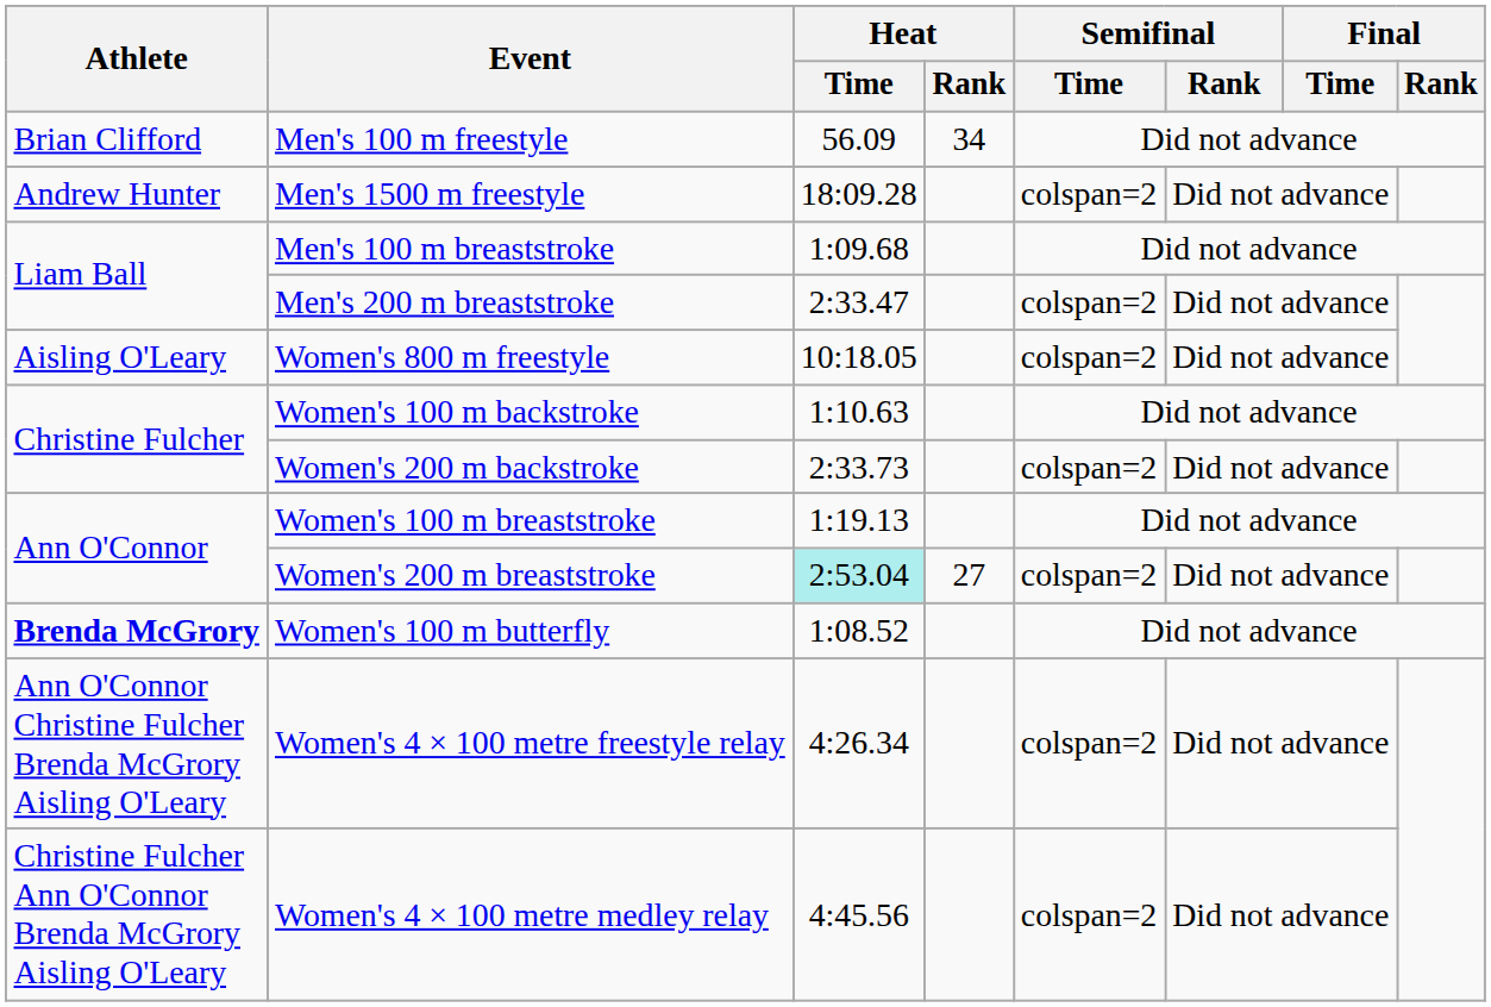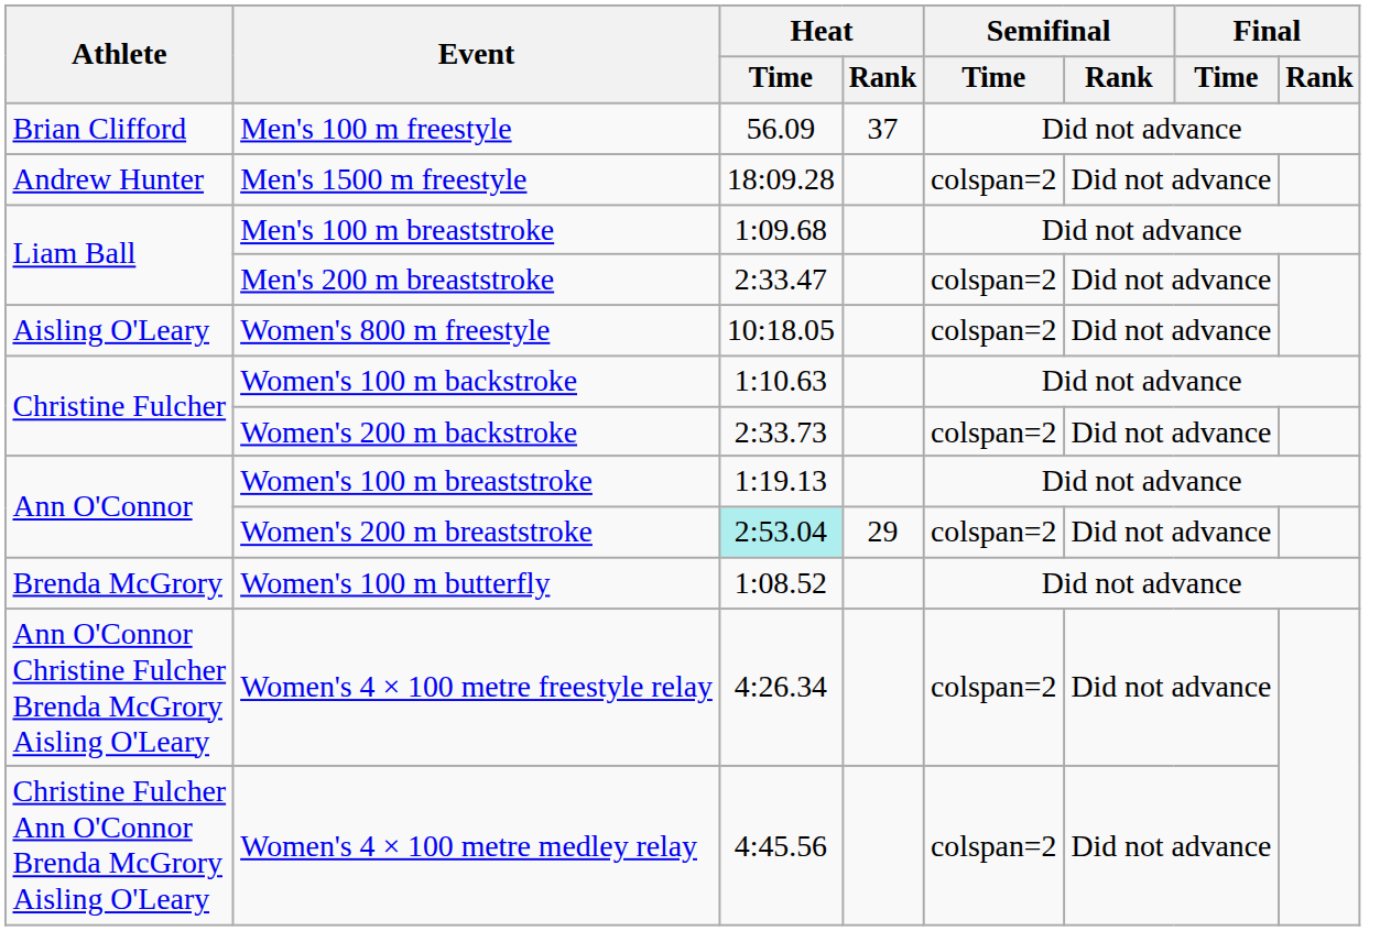 <table class=wikitable style="font-size:90%;">
 <tr>
 <th rowspan=2>Athlete</th>
 <th rowspan=2>Event</th>
 <th colspan=2>Heat</th>
 <th colspan=2>Semifinal</th>
 <th colspan=2>Final</th>
 </tr>
 <tr style="font-size:95%">
 <th>Time</th>
 <th>Rank</th>
 <th>Time</th>
 <th>Rank</th>
 <th>Time</th>
 <th>Rank</th>
 </tr>
 <tr align=center>
 <td align=left><a href='#'>Brian Clifford</a></td>
 <td align=left><a href='#'>Men's 100 m freestyle</a></td>
 <td>56.09</td>
-<td>34</td>
+<td>37</td>
 <td colspan=4>Did not advance</td>
 </tr>
 <tr align=center>
 <td align=left><a href='#'>Andrew Hunter</a></td>
 <td align=left><a href='#'>Men's 1500 m freestyle</a></td>
 <td>18:09.28</td>
 <td></td>
 <td>colspan=2 </td>
 <td colspan=2>Did not advance</td>
 </tr>
 <tr align=center>
 <td rowspan=2 align=left><a href='#'>Liam Ball</a></td>
 <td align=left><a href='#'>Men's 100 m breaststroke</a></td>
 <td>1:09.68</td>
 <td></td>
 <td colspan=4>Did not advance</td>
 </tr>
 <tr align=center>
 <td align=left><a href='#'>Men's 200 m breaststroke</a></td>
 <td>2:33.47</td>
 <td></td>
 <td>colspan=2 </td>
 <td colspan=2>Did not advance</td>
 </tr>
 <tr align=center>
 <td align=left><a href='#'>Aisling O'Leary</a></td>
 <td align=left><a href='#'>Women's 800 m freestyle</a></td>
 <td>10:18.05</td>
 <td></td>
 <td>colspan=2 </td>
 <td colspan=2>Did not advance</td>
 </tr>
 <tr align=center>
 <td rowspan=2 align=left><a href='#'>Christine Fulcher</a></td>
 <td align=left><a href='#'>Women's 100 m backstroke</a></td>
 <td>1:10.63</td>
 <td></td>
 <td colspan=4>Did not advance</td>
 </tr>
 <tr align=center>
 <td align=left><a href='#'>Women's 200 m backstroke</a></td>
 <td>2:33.73</td>
 <td></td>
 <td>colspan=2 </td>
 <td colspan=2>Did not advance</td>
 </tr>
 <tr align=center>
 <td rowspan=2 align=left><a href='#'>Ann O'Connor</a></td>
 <td align=left><a href='#'>Women's 100 m breaststroke</a></td>
 <td>1:19.13</td>
 <td></td>
 <td colspan=4>Did not advance</td>
 </tr>
 <tr align=center>
 <td align=left><a href='#'>Women's 200 m breaststroke</a></td>
 <td style="background: paleturquoise;">2:53.04</td>
-<td>27</td>
+<td>29</td>
 <td>colspan=2 </td>
 <td colspan=2>Did not advance</td>
 </tr>
 <tr align=center>
-<td align=left><strong><a href='#'>Brenda McGrory</a></strong></td>
+<td align=left><a href='#'>Brenda McGrory</a></td>
 <td align=left><a href='#'>Women's 100 m butterfly</a></td>
 <td>1:08.52</td>
 <td></td>
 <td colspan=4>Did not advance</td>
 </tr>
 <tr align=center>
 <td align=left><a href='#'>Ann O'Connor</a><br><a href='#'>Christine Fulcher</a><br><a href='#'>Brenda McGrory</a><br><a href='#'>Aisling O'Leary</a></td>
 <td align=left><a href='#'>Women's 4 × 100 metre freestyle relay</a></td>
 <td>4:26.34</td>
 <td></td>
 <td>colspan=2 </td>
 <td colspan=2>Did not advance</td>
 </tr>
 <tr align=center>
 <td align=left><a href='#'>Christine Fulcher</a><br><a href='#'>Ann O'Connor</a><br><a href='#'>Brenda McGrory</a><br><a href='#'>Aisling O'Leary</a></td>
 <td align=left><a href='#'>Women's 4 × 100 metre medley relay</a></td>
 <td>4:45.56</td>
 <td></td>
 <td>colspan=2 </td>
 <td colspan=2>Did not advance</td>
 </tr>
 </table>
